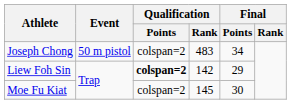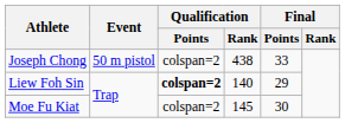 <table class="wikitable" style="font-size:90%;">
 <tr>
 <th rowspan=2>Athlete</th>
 <th rowspan=2>Event</th>
 <th colspan=2>Qualification</th>
 <th colspan=2>Final</th>
 </tr>
 <tr style="font-size:95%">
 <th>Points</th>
 <th>Rank</th>
 <th>Points</th>
 <th>Rank</th>
 </tr>
 <tr align=center>
 <td align=left><a href='#'>Joseph Chong</a></td>
 <td align=left><a href='#'>50 m pistol</a></td>
 <td>colspan=2 </td>
-<td>483</td>
-<td>34</td>
+<td>438</td>
+<td>33</td>
 </tr>
 <tr align=center>
 <td align=left><a href='#'>Liew Foh Sin</a></td>
 <td align=left rowspan=2><a href='#'>Trap</a></td>
 <td><strong>colspan=2 </strong></td>
-<td>142</td>
+<td>140</td>
 <td>29</td>
 </tr>
 <tr align=center>
 <td align=left><a href='#'>Moe Fu Kiat</a></td>
 <td>colspan=2 </td>
 <td>145</td>
 <td>30</td>
 </tr>
 </table>
